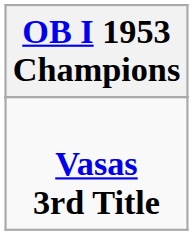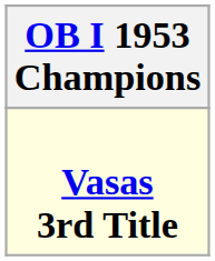 <table class="wikitable" style="text-align: center; margin: 0 auto;">
 <tr>
 <th><a href='#'>OB I</a> 1953<br>Champions</th>
 </tr>
 <tr>
 </tr>
 <tr>
-<td> <br><strong><a href='#'>Vasas</a></strong><br><strong>3rd Title</strong></td>
+<td style="background: lightyellow;"> <br><strong><a href='#'>Vasas</a></strong><br><strong>3rd Title</strong></td>
 </tr>
 </table>
